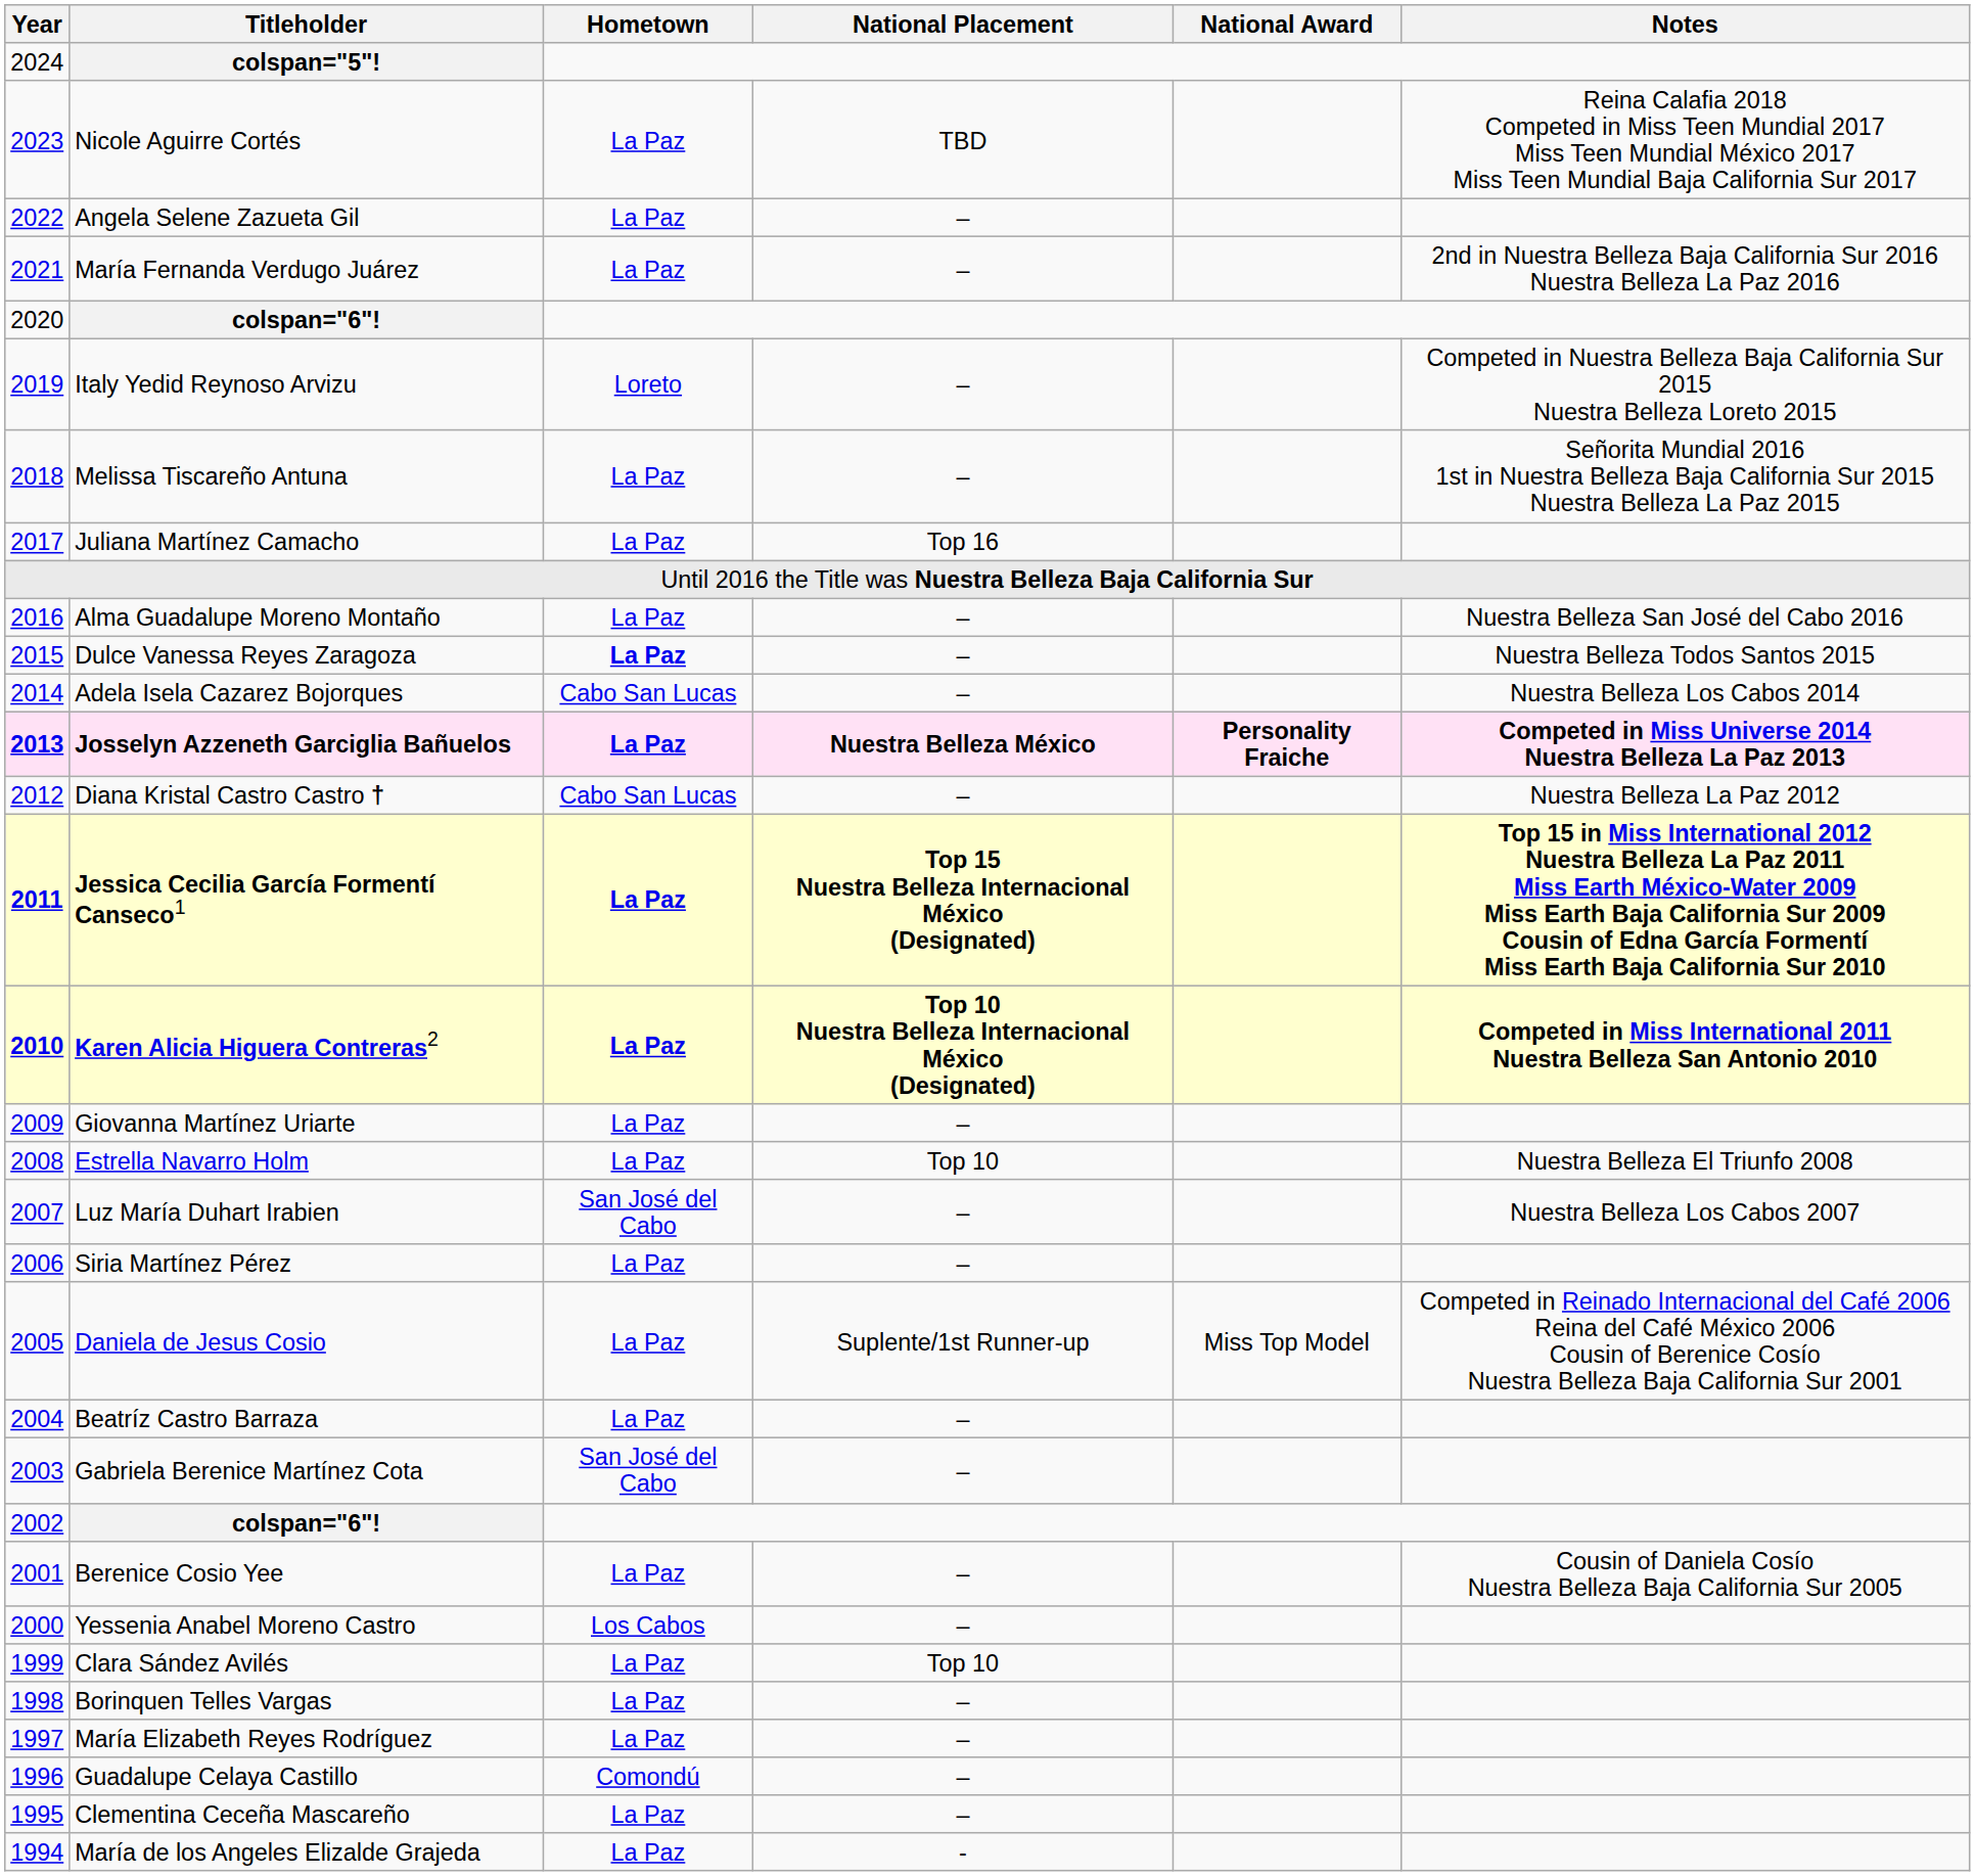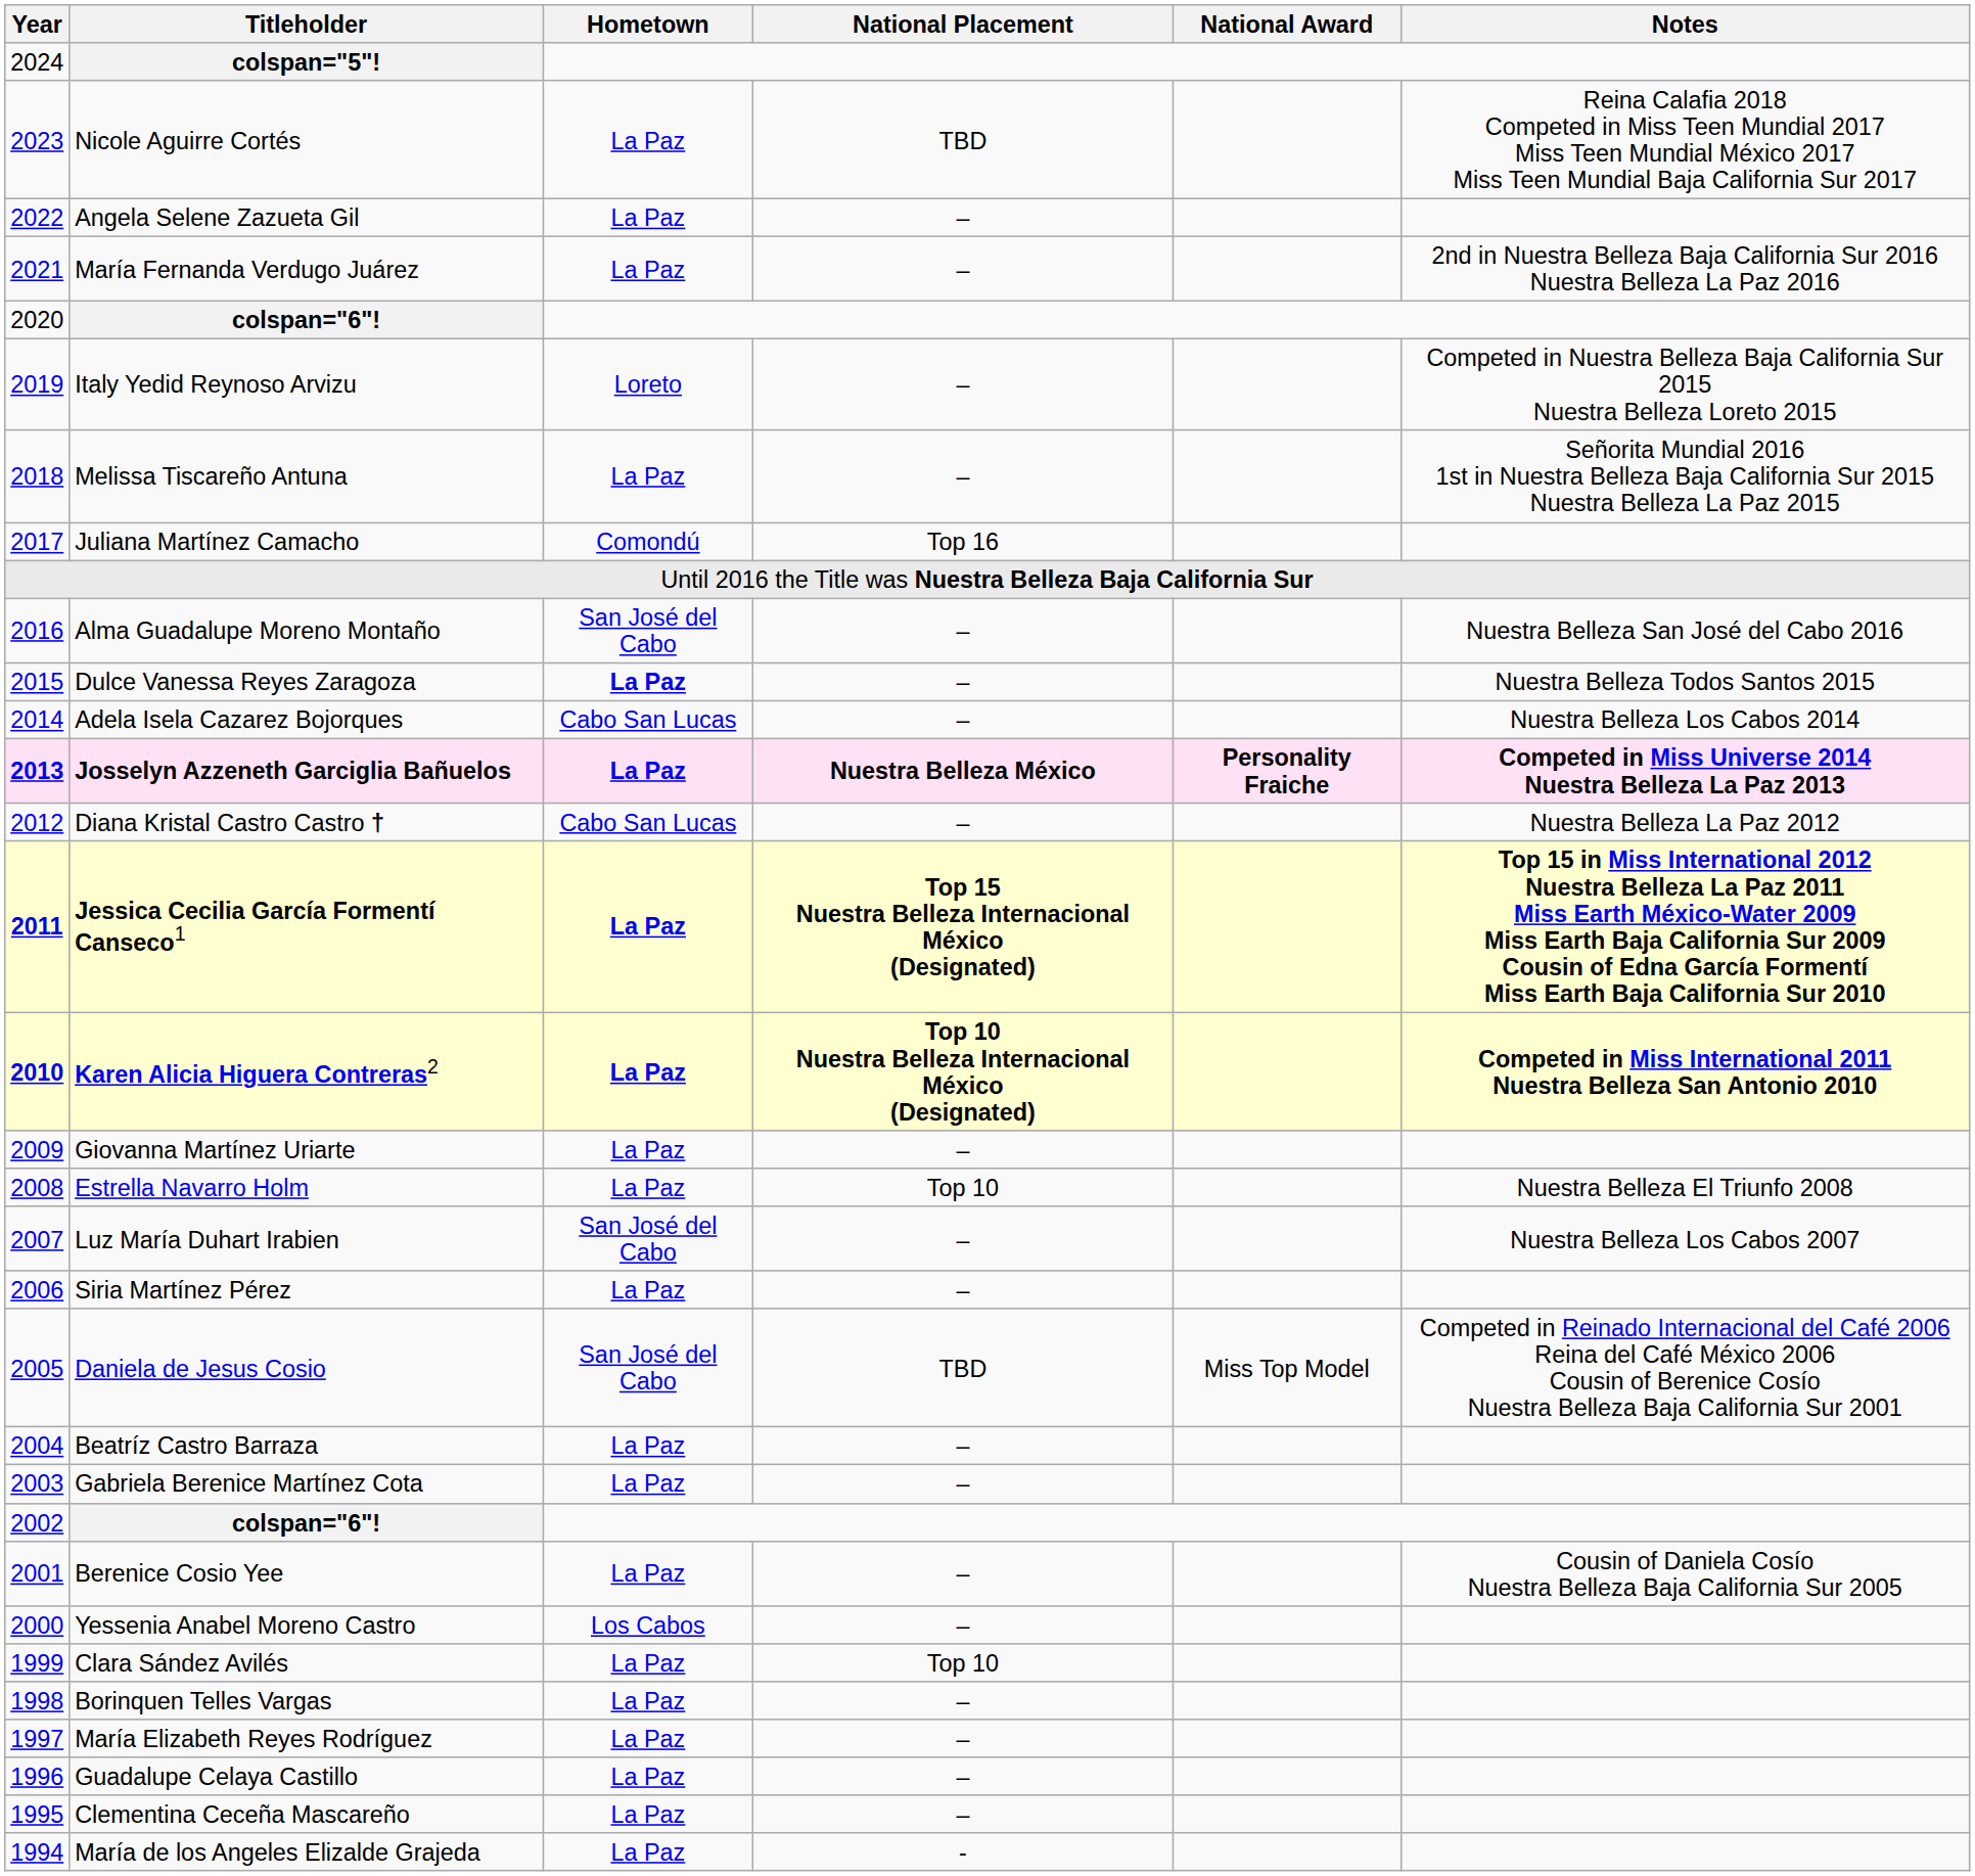 <table class="wikitable sortable" style="font-size:95%;">
 <tr>
 <th>Year</th>
 <th>Titleholder</th>
 <th>Hometown</th>
 <th>National Placement</th>
 <th>National Award</th>
 <th>Notes</th>
 </tr>
 <tr>
 <td align="center">2024</td>
 <th>colspan="5"!</th>
 </tr>
 <tr>
 <td align="center"><a href='#'>2023</a></td>
 <td>Nicole Aguirre Cortés</td>
 <td align="center"><a href='#'>La Paz</a></td>
 <td align="center">TBD</td>
 <td align="center"></td>
 <td align="center">Reina Calafia 2018<br>Competed in Miss Teen Mundial 2017<br>Miss Teen Mundial México 2017<br>Miss Teen Mundial Baja California Sur 2017</td>
 </tr>
 <tr>
 <td align="center"><a href='#'>2022</a></td>
 <td>Angela Selene Zazueta Gil</td>
 <td align="center"><a href='#'>La Paz</a></td>
 <td align="center">–</td>
 <td align="center"></td>
 <td align="center"></td>
 </tr>
 <tr>
 <td align="center"><a href='#'>2021</a></td>
 <td>María Fernanda Verdugo Juárez</td>
 <td align="center"><a href='#'>La Paz</a></td>
 <td align="center">–</td>
 <td align="center"></td>
 <td align="center">2nd in Nuestra Belleza Baja California Sur 2016<br>Nuestra Belleza La Paz 2016</td>
 </tr>
 <tr>
 <td align="center">2020</td>
 <th>colspan="6"!</th>
 </tr>
 <tr>
 <td align="center"><a href='#'>2019</a></td>
 <td>Italy Yedid Reynoso Arvizu</td>
 <td align="center"><a href='#'>Loreto</a></td>
 <td align="center">–</td>
 <td align="center"></td>
 <td align="center">Competed in Nuestra Belleza Baja California Sur 2015<br>Nuestra Belleza Loreto 2015</td>
 </tr>
 <tr>
 <td align="center"><a href='#'>2018</a></td>
 <td>Melissa Tiscareño Antuna</td>
 <td align="center"><a href='#'>La Paz</a></td>
 <td align="center">–</td>
 <td align="center"></td>
 <td align="center">Señorita Mundial 2016<br>1st in Nuestra Belleza Baja California Sur 2015<br>Nuestra Belleza La Paz 2015</td>
 </tr>
 <tr>
 <td align="center"><a href='#'>2017</a></td>
 <td>Juliana Martínez Camacho</td>
-<td align="center"><a href='#'>La Paz</a></td>
+<td align="center"><a href='#'>Comondú</a></td>
 <td align="center">Top 16</td>
 <td align="center"></td>
 <td align="center"></td>
 </tr>
 <tr>
 <td colspan="7" bgcolor="#EAEAEA" style="text-align:center;">Until 2016 the Title was <strong>Nuestra Belleza Baja California Sur</strong></td>
 </tr>
 <tr>
 <td align="center"><a href='#'>2016</a></td>
 <td>Alma Guadalupe Moreno Montaño</td>
-<td align="center"><a href='#'>La Paz</a></td>
+<td align="center"><a href='#'>San José del Cabo</a></td>
 <td align="center">–</td>
 <td align="center"></td>
 <td align="center">Nuestra Belleza San José del Cabo 2016</td>
 </tr>
 <tr>
 <td align="center"><a href='#'>2015</a></td>
 <td>Dulce Vanessa Reyes Zaragoza</td>
 <td align="center"><strong><a href='#'>La Paz</a></strong></td>
 <td align="center">–</td>
 <td align="center"></td>
 <td align="center">Nuestra Belleza Todos Santos 2015</td>
 </tr>
 <tr>
 <td align="center"><a href='#'>2014</a></td>
 <td>Adela Isela Cazarez Bojorques</td>
 <td align="center"><a href='#'>Cabo San Lucas</a></td>
 <td align="center">–</td>
 <td align="center"></td>
 <td align="center">Nuestra Belleza Los Cabos 2014</td>
 </tr>
 <tr bgcolor="#FFE1F5">
 <td align="center"><strong><a href='#'>2013</a></strong></td>
 <td><strong>Josselyn Azzeneth Garciglia Bañuelos</strong></td>
 <td align="center"><strong><a href='#'>La Paz</a></strong></td>
 <td align="center"><strong>Nuestra Belleza México</strong></td>
 <td align="center"><strong>Personality Fraiche</strong></td>
 <td align="center"><strong>Competed in <a href='#'>Miss Universe 2014</a><br>Nuestra Belleza La Paz 2013</strong></td>
 </tr>
 <tr>
 <td align="center"><a href='#'>2012</a></td>
 <td>Diana Kristal Castro Castro <strong>†</strong></td>
 <td align="center"><a href='#'>Cabo San Lucas</a></td>
 <td align="center">–</td>
 <td align="center"></td>
 <td align="center">Nuestra Belleza La Paz 2012</td>
 </tr>
 <tr bgcolor="#FFFFCF">
 <td align="center"><strong><a href='#'>2011</a></strong></td>
 <td><strong>Jessica Cecilia García Formentí Canseco</strong><sup>1</sup></td>
 <td align="center"><strong><a href='#'>La Paz</a></strong></td>
 <td align="center"><strong>Top 15<br>Nuestra Belleza Internacional México<br>(Designated)</strong></td>
 <td align="center"></td>
 <td align="center"><strong>Top 15 in <a href='#'>Miss International 2012</a><br>Nuestra Belleza La Paz 2011<br><a href='#'>Miss Earth México-Water 2009</a><br>Miss Earth Baja California Sur 2009<br>Cousin of Edna García Formentí<br>Miss Earth Baja California Sur 2010</strong></td>
 </tr>
 <tr bgcolor="#FFFFCF">
 <td align="center"><strong><a href='#'>2010</a></strong></td>
 <td><strong><a href='#'>Karen Alicia Higuera Contreras</a></strong><sup>2</sup></td>
 <td align="center"><strong><a href='#'>La Paz</a></strong></td>
 <td align="center"><strong>Top 10<br>Nuestra Belleza Internacional México<br>(Designated)</strong></td>
 <td align="center"></td>
 <td align="center"><strong>Competed in <a href='#'>Miss International 2011</a><br>Nuestra Belleza San Antonio 2010</strong></td>
 </tr>
 <tr>
 <td align="center"><a href='#'>2009</a></td>
 <td>Giovanna Martínez Uriarte</td>
 <td align="center"><a href='#'>La Paz</a></td>
 <td align="center">–</td>
 <td align="center"></td>
 <td align="center"></td>
 </tr>
 <tr>
 <td align="center"><a href='#'>2008</a></td>
 <td><a href='#'>Estrella Navarro Holm</a></td>
 <td align="center"><a href='#'>La Paz</a></td>
 <td align="center">Top 10</td>
 <td align="center"></td>
 <td align="center">Nuestra Belleza El Triunfo 2008</td>
 </tr>
 <tr>
 <td align="center"><a href='#'>2007</a></td>
 <td>Luz María Duhart Irabien</td>
 <td align="center"><a href='#'>San José del Cabo</a></td>
 <td align="center">–</td>
 <td align="center"></td>
 <td align="center">Nuestra Belleza Los Cabos 2007</td>
 </tr>
 <tr>
 <td align="center"><a href='#'>2006</a></td>
 <td>Siria Martínez Pérez</td>
 <td align="center"><a href='#'>La Paz</a></td>
 <td align="center">–</td>
 <td align="center"></td>
 <td align="center"></td>
 </tr>
 <tr>
 <td align="center"><a href='#'>2005</a></td>
 <td><a href='#'>Daniela de Jesus Cosio</a></td>
-<td align="center"><a href='#'>La Paz</a></td>
-<td align="center">Suplente/1st Runner-up</td>
+<td align="center"><a href='#'>San José del Cabo</a></td>
+<td align="center">TBD</td>
 <td align="center">Miss Top Model</td>
 <td align="center">Competed in <a href='#'>Reinado Internacional del Café 2006</a><br>Reina del Café México 2006<br>Cousin of Berenice Cosío<br>Nuestra Belleza Baja California Sur 2001</td>
 </tr>
 <tr>
 <td align="center"><a href='#'>2004</a></td>
 <td>Beatríz Castro Barraza</td>
 <td align="center"><a href='#'>La Paz</a></td>
 <td align="center">–</td>
 <td align="center"></td>
 <td align="center"></td>
 </tr>
 <tr>
 <td align="center"><a href='#'>2003</a></td>
 <td>Gabriela Berenice Martínez Cota</td>
-<td align="center"><a href='#'>San José del Cabo</a></td>
+<td align="center"><a href='#'>La Paz</a></td>
 <td align="center">–</td>
 <td align="center"></td>
 <td align="center"></td>
 </tr>
 <tr>
 <td align="center"><a href='#'>2002</a></td>
 <th>colspan="6"!</th>
 </tr>
 <tr>
 <td align="center"><a href='#'>2001</a></td>
 <td>Berenice Cosio Yee</td>
 <td align="center"><a href='#'>La Paz</a></td>
 <td align="center">–</td>
 <td align="center"></td>
 <td align="center">Cousin of Daniela Cosío<br>Nuestra Belleza Baja California Sur 2005</td>
 </tr>
 <tr>
 <td align="center"><a href='#'>2000</a></td>
 <td>Yessenia Anabel Moreno Castro</td>
 <td align="center"><a href='#'>Los Cabos</a></td>
 <td align="center">–</td>
 <td align="center"></td>
 <td align="center"></td>
 </tr>
 <tr>
 <td align="center"><a href='#'>1999</a></td>
 <td>Clara Sández Avilés</td>
 <td align="center"><a href='#'>La Paz</a></td>
 <td align="center">Top 10</td>
 <td align="center"></td>
 <td align="center"></td>
 </tr>
 <tr>
 <td align="center"><a href='#'>1998</a></td>
 <td>Borinquen Telles Vargas</td>
 <td align="center"><a href='#'>La Paz</a></td>
 <td align="center">–</td>
 <td align="center"></td>
 <td align="center"></td>
 </tr>
 <tr>
 <td align="center"><a href='#'>1997</a></td>
 <td>María Elizabeth Reyes Rodríguez</td>
 <td align="center"><a href='#'>La Paz</a></td>
 <td align="center">–</td>
 <td align="center"></td>
 <td align="center"></td>
 </tr>
 <tr>
 <td align="center"><a href='#'>1996</a></td>
 <td>Guadalupe Celaya Castillo</td>
-<td align="center"><a href='#'>Comondú</a></td>
+<td align="center"><a href='#'>La Paz</a></td>
 <td align="center">–</td>
 <td align="center"></td>
 <td align="center"></td>
 </tr>
 <tr>
 <td align="center"><a href='#'>1995</a></td>
 <td>Clementina Ceceña Mascareño</td>
 <td align="center"><a href='#'>La Paz</a></td>
 <td align="center">–</td>
 <td align="center"></td>
 <td align="center"></td>
 </tr>
 <tr>
 <td align="center"><a href='#'>1994</a></td>
 <td>María de los Angeles Elizalde Grajeda</td>
 <td align="center"><a href='#'>La Paz</a></td>
 <td align="center">-</td>
 <td align="center"></td>
 <td align="center"></td>
 </tr>
 </table>
